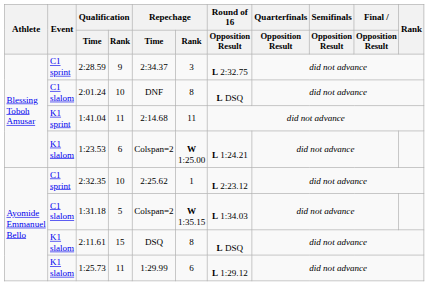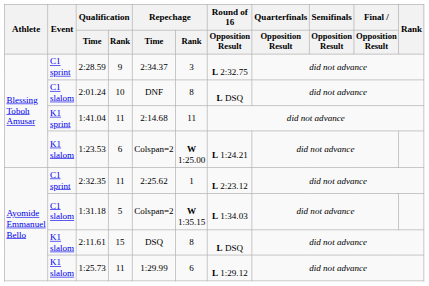 <table class="wikitable" style="font-size:90%">
 <tr>
 <th rowspan=2>Athlete</th>
 <th rowspan=2>Event</th>
 <th colspan=2>Qualification</th>
 <th colspan=2>Repechage</th>
 <th>Round of 16</th>
 <th>Quarterfinals</th>
 <th>Semifinals</th>
 <th>Final / </th>
 <th rowspan=2>Rank</th>
 </tr>
 <tr style="font-size:95%">
 <th>Time</th>
 <th>Rank</th>
 <th>Time</th>
 <th>Rank</th>
 <th>Opposition <br>Result</th>
 <th>Opposition <br>Result</th>
 <th>Opposition <br>Result</th>
 <th>Opposition <br>Result</th>
 </tr>
 <tr align="center">
 <td align="left" rowspan=4><a href='#'>Blessing Toboh Amusar</a></td>
 <td align="left"><a href='#'>C1 sprint</a></td>
 <td>2:28.59</td>
 <td>9</td>
 <td>2:34.37</td>
 <td>3</td>
 <td><br><strong>L</strong> 2:32.75</td>
 <td Colspan=4><em>did not advance</em></td>
 </tr>
 <tr align=center>
 <td align="left"><a href='#'>C1 slalom</a></td>
 <td>2:01.24</td>
 <td>10</td>
 <td>DNF</td>
 <td>8</td>
 <td><br><strong>L</strong> DSQ</td>
 <td Colspan=5><em>did not advance</em></td>
 </tr>
 <tr align="center">
 <td align="left"><a href='#'>K1 sprint</a></td>
 <td>1:41.04</td>
 <td>11</td>
 <td>2:14.68</td>
 <td>11</td>
 <td Colspan=5><em>did not advance</em></td>
 </tr>
 <tr align=center>
 <td align="left"><a href='#'>K1 slalom</a></td>
 <td>1:23.53</td>
 <td>6</td>
 <td>Colspan=2 </td>
 <td><br><strong>W</strong> 1:25.00</td>
 <td><br><strong>L</strong> 1:24.21</td>
 <td Colspan=3><em>did not advance</em></td>
 </tr>
 <tr align=center>
 <td align="left" rowspan=4><a href='#'>Ayomide Emmanuel Bello</a></td>
 <td align="left"><a href='#'>C1 sprint</a></td>
 <td>2:32.35</td>
-<td>10</td>
+<td>11</td>
 <td>2:25.62</td>
 <td>1</td>
 <td><br><strong>L</strong> 2:23.12</td>
 <td Colspan=4><em>did not advance</em></td>
 </tr>
 <tr align=center>
 <td align="left"><a href='#'>C1 slalom</a></td>
 <td>1:31.18</td>
 <td>5</td>
 <td>Colspan=2 </td>
 <td><br><strong>W</strong> 1:35.15</td>
 <td><br><strong>L</strong> 1:34.03</td>
 <td Colspan=3><em>did not advance</em></td>
 </tr>
 <tr align="center">
 <td align="left"><a href='#'>K1 slalom</a></td>
 <td>2:11.61</td>
 <td>15</td>
 <td>DSQ</td>
 <td>8</td>
 <td><br><strong>L</strong> DSQ</td>
 <td Colspan=4><em>did not advance</em></td>
 </tr>
 <tr align=center>
 <td align="left"><a href='#'>K1 slalom</a></td>
 <td>1:25.73</td>
 <td>11</td>
 <td>1:29.99</td>
 <td>6</td>
 <td><br><strong>L</strong> 1:29.12</td>
 <td Colspan=4><em>did not advance</em></td>
 </tr>
 </table>
